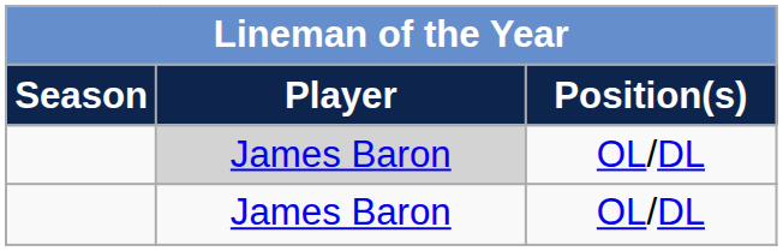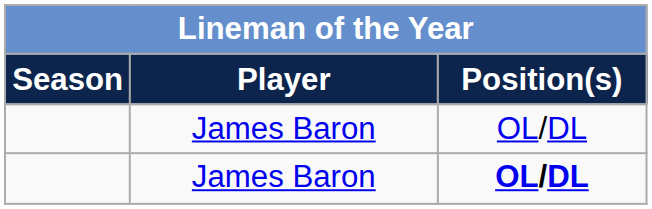 <table class="wikitable sortable" style="text-align:center">
 <tr>
 <td colspan="4" style="background:#648fcc; color:white;"><strong>Lineman of the Year</strong></td>
 </tr>
 <tr>
 <th style="width:50px; background:#0d254c; color:white;">Season</th>
 <th style="width:150px; background:#0d254c; color:white;">Player</th>
 <th style="width:100px; background:#0d254c; color:white;">Position(s)</th>
 </tr>
 <tr>
 <td></td>
-<td style="background: lightgrey;"><a href='#'>James Baron</a></td>
+<td><a href='#'>James Baron</a></td>
 <td><a href='#'>OL</a>/<a href='#'>DL</a></td>
 </tr>
 <tr>
 <td></td>
 <td><a href='#'>James Baron</a></td>
-<td><a href='#'>OL</a>/<a href='#'>DL</a></td>
+<td><strong><a href='#'>OL</a>/<a href='#'>DL</a></strong></td>
 </tr>
 </table>
